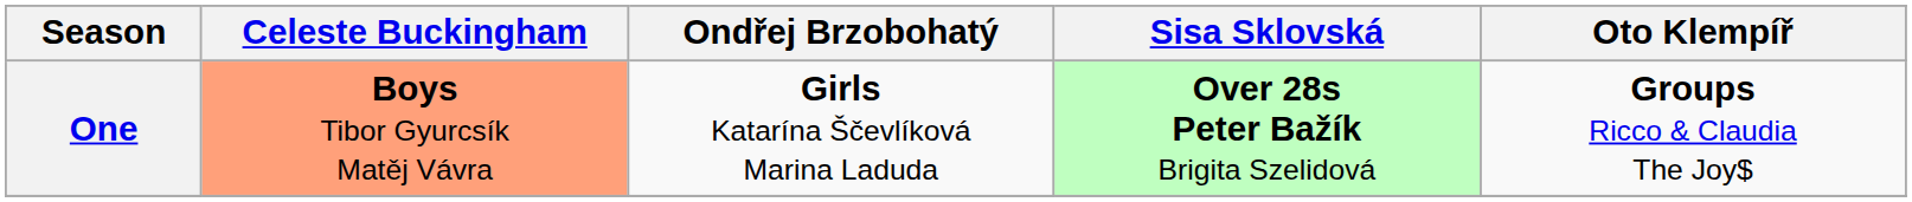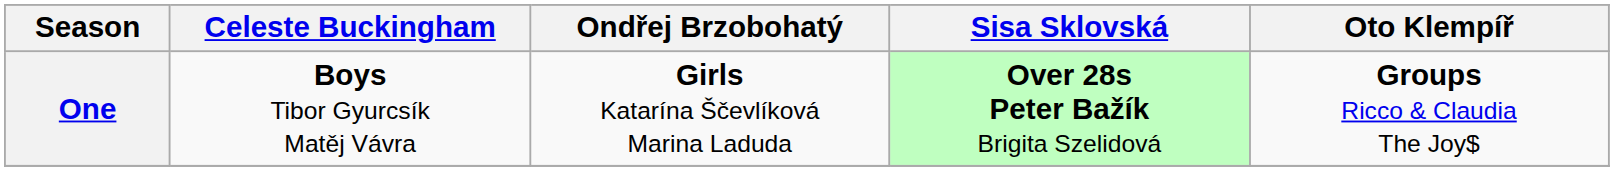 <table class="wikitable" style="text-align:center">
 <tr>
 <th style="width:4%;" scope="col">Season</th>
 <th style="width:13%;" scope="col"><a href='#'>Celeste Buckingham</a></th>
 <th style="width:13%;" scope="col">Ondřej Brzobohatý</th>
 <th style="width:13%;" scope="col"><a href='#'>Sisa Sklovská</a></th>
 <th style="width:13%;" scope="col">Oto Klempíř</th>
 </tr>
 <tr>
 <th scope="row"><a href='#'>One</a></th>
-<td style="background: lightsalmon;"><strong>Boys</strong> <br><small>Tibor Gyurcsík<br>Matěj Vávra</small></td>
+<td><strong>Boys</strong> <br><small>Tibor Gyurcsík<br>Matěj Vávra</small></td>
 <td><strong>Girls</strong> <br><small>Katarína Ščevlíková<br>Marina Laduda</small></td>
 <td style="background:#BFFFC0;"><strong>Over 28s</strong> <br><strong>Peter Bažík</strong><br><small>Brigita Szelidová</small></td>
 <td><strong>Groups</strong> <br><small><a href='#'>Ricco & Claudia</a><br>The Joy$</small></td>
 </tr>
 <tr>
 </tr>
 </table>
